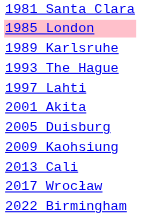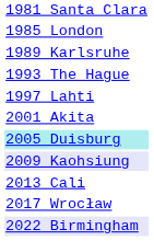 <table>
 <tr>
 <td><a href='#'>1981 Santa Clara</a></td>
 <td></td>
 <td></td>
 <td><br></td>
 </tr>
 <tr>
-<td style="background: pink;"><a href='#'>1985 London</a></td>
+<td><a href='#'>1985 London</a></td>
 <td></td>
 <td></td>
 <td><br></td>
 </tr>
 <tr>
 <td><a href='#'>1989 Karlsruhe</a></td>
 <td></td>
 <td></td>
 <td><br></td>
 </tr>
 <tr>
 <td><a href='#'>1993 The Hague</a></td>
 <td></td>
 <td></td>
 <td><br></td>
 </tr>
 <tr>
 <td><a href='#'>1997 Lahti</a></td>
 <td></td>
 <td></td>
 <td><br></td>
 </tr>
 <tr>
 <td><a href='#'>2001 Akita</a></td>
 <td></td>
 <td></td>
 <td></td>
 </tr>
 <tr>
-<td><a href='#'>2005 Duisburg</a></td>
+<td style="background: paleturquoise;"><a href='#'>2005 Duisburg</a></td>
 <td></td>
 <td></td>
 <td></td>
 </tr>
 <tr>
-<td><a href='#'>2009 Kaohsiung</a></td>
+<td style="background: lavender;"><a href='#'>2009 Kaohsiung</a></td>
 <td></td>
 <td></td>
 <td></td>
 </tr>
 <tr>
 <td><a href='#'>2013 Cali</a></td>
 <td></td>
 <td></td>
 <td></td>
 </tr>
 <tr>
 <td><a href='#'>2017 Wrocław</a></td>
 <td></td>
 <td></td>
 <td></td>
 </tr>
 <tr>
-<td><a href='#'>2022 Birmingham</a></td>
+<td style="background: lavender;"><a href='#'>2022 Birmingham</a></td>
 <td></td>
 <td></td>
 <td></td>
 </tr>
 </table>
